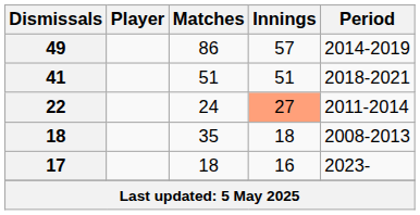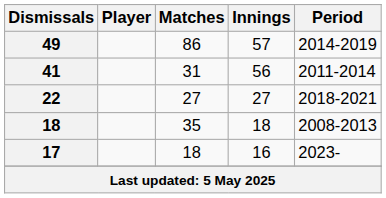 <table class="wikitable sortable" style="text-align:left;font-size:96%;">
 <tr>
 <th>Dismissals</th>
 <th>Player</th>
 <th>Matches</th>
 <th>Innings</th>
 <th>Period</th>
 </tr>
 <tr>
 <th scope=row style=text-align:center;>49</th>
 <td></td>
 <td align=center>86</td>
 <td align=center>57</td>
 <td>2014-2019</td>
 </tr>
 <tr>
 <th scope=row style=text-align:center;>41</th>
 <td></td>
-<td align=center>51</td>
-<td align=center>51</td>
-<td>2018-2021</td>
+<td align=center>31</td>
+<td align=center>56</td>
+<td>2011-2014</td>
 </tr>
 <tr>
 <th scope=row style=text-align:center;>22</th>
 <td></td>
-<td align=center>24</td>
-<td align=center style="background: lightsalmon;">27</td>
-<td>2011-2014</td>
+<td align=center>27</td>
+<td align=center>27</td>
+<td>2018-2021</td>
 </tr>
 <tr>
 <th scope=row style=text-align:center;>18</th>
 <td></td>
 <td align=center>35</td>
 <td align=center>18</td>
 <td>2008-2013</td>
 </tr>
 <tr>
 <th scope=row style=text-align:center;>17</th>
 <td></td>
 <td align=center>18</td>
 <td align=center>16</td>
 <td>2023-</td>
 </tr>
 <tr>
 </tr>
 <tr class=sortbottom>
 <th colspan=6><small>Last updated: 5 May 2025</small></th>
 </tr>
 </table>
